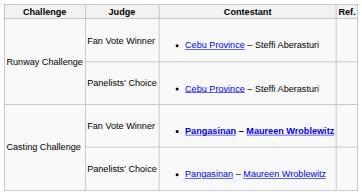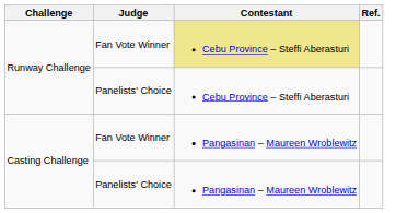 <table class="wikitable sortable unsortable" style="font-size: 95%;">
 <tr>
 <th>Challenge</th>
 <th>Judge</th>
 <th>Contestant</th>
 <th>Ref.</th>
 </tr>
 <tr>
 <td rowspan="2">Runway Challenge</td>
 <td>Fan Vote Winner</td>
-<td><br><ul><li><a href='#'>Cebu Province</a> – Steffi Aberasturi</li></ul></td>
+<td style="background: khaki;"><br><ul><li><a href='#'>Cebu Province</a> – Steffi Aberasturi</li></ul></td>
 <td></td>
 </tr>
 <tr>
 <td>Panelists' Choice</td>
 <td><br><ul><li><a href='#'>Cebu Province</a> – Steffi Aberasturi</li></ul></td>
 <td></td>
 </tr>
 <tr>
 <td rowspan="2">Casting Challenge</td>
 <td>Fan Vote Winner</td>
-<td><strong><br><ul><li><a href='#'>Pangasinan</a> – <a href='#'>Maureen Wroblewitz</a></li></ul></strong></td>
+<td><br><ul><li><a href='#'>Pangasinan</a> – <a href='#'>Maureen Wroblewitz</a></li></ul></td>
 <td></td>
 </tr>
 <tr>
 <td>Panelists' Choice</td>
 <td><br><ul><li><a href='#'>Pangasinan</a> – <a href='#'>Maureen Wroblewitz</a></li></ul></td>
 <td></td>
 </tr>
 </table>
